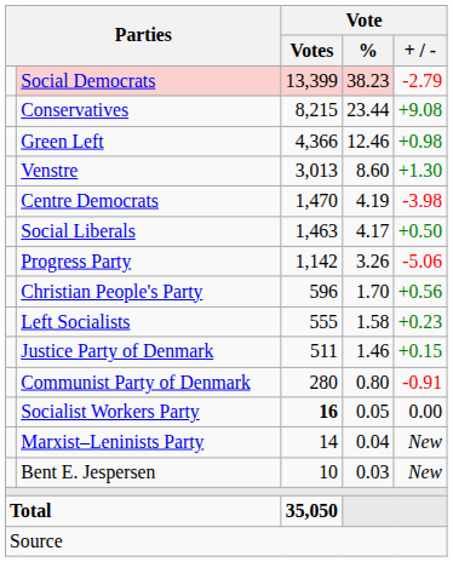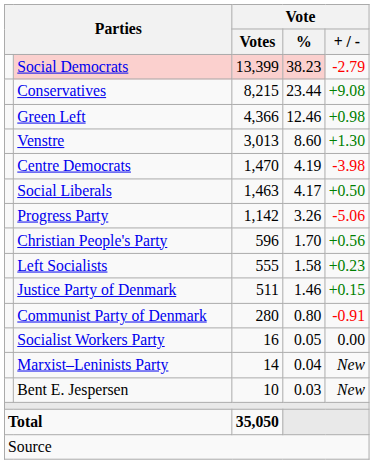 <table class="wikitable" style="text-align:right;">
 <tr>
 <th style="text-align:centre;" rowspan="2" colspan="2" width="225">Parties</th>
 <th colspan="3">Vote</th>
 </tr>
 <tr>
 <th width="15">Votes</th>
 <th width="15">%</th>
 <th width="15">+ / -</th>
 </tr>
 <tr>
 <td width="2" style="color:inherit;background:"></td>
 <td bgcolor=#fbd0ce  align="left"><a href='#'>Social Democrats</a></td>
 <td bgcolor=#fbd0ce>13,399</td>
 <td bgcolor=#fbd0ce>38.23</td>
 <td style=color:red;>-2.79</td>
 </tr>
 <tr>
 <td width="2" style="color:inherit;background:"></td>
 <td align="left"><a href='#'>Conservatives</a></td>
 <td>8,215</td>
 <td>23.44</td>
 <td style=color:green;>+9.08</td>
 </tr>
 <tr>
 <td width="2" style="color:inherit;background:"></td>
 <td align="left"><a href='#'>Green Left</a></td>
 <td>4,366</td>
 <td>12.46</td>
 <td style=color:green;>+0.98</td>
 </tr>
 <tr>
 <td width="2" style="color:inherit;background:"></td>
 <td align="left"><a href='#'>Venstre</a></td>
 <td>3,013</td>
 <td>8.60</td>
 <td style=color:green;>+1.30</td>
 </tr>
 <tr>
 <td width="2" style="color:inherit;background:"></td>
 <td align="left"><a href='#'>Centre Democrats</a></td>
 <td>1,470</td>
 <td>4.19</td>
 <td style=color:red;>-3.98</td>
 </tr>
 <tr>
 <td width="2" style="color:inherit;background:"></td>
 <td align="left"><a href='#'>Social Liberals</a></td>
 <td>1,463</td>
 <td>4.17</td>
 <td style=color:green;>+0.50</td>
 </tr>
 <tr>
 <td width="2" style="color:inherit;background:"></td>
 <td align="left"><a href='#'>Progress Party</a></td>
 <td>1,142</td>
 <td>3.26</td>
 <td style=color:red;>-5.06</td>
 </tr>
 <tr>
 <td width="2" style="color:inherit;background:"></td>
 <td align="left"><a href='#'>Christian People's Party</a></td>
 <td>596</td>
 <td>1.70</td>
 <td style=color:green;>+0.56</td>
 </tr>
 <tr>
 <td width="2" style="color:inherit;background:"></td>
 <td align="left"><a href='#'>Left Socialists</a></td>
 <td>555</td>
 <td>1.58</td>
 <td style=color:green;>+0.23</td>
 </tr>
 <tr>
 <td width="2" style="color:inherit;background:"></td>
 <td align="left"><a href='#'>Justice Party of Denmark</a></td>
 <td>511</td>
 <td>1.46</td>
 <td style=color:green;>+0.15</td>
 </tr>
 <tr>
 <td width="2" style="color:inherit;background:"></td>
 <td align="left"><a href='#'>Communist Party of Denmark</a></td>
 <td>280</td>
 <td>0.80</td>
 <td style=color:red;>-0.91</td>
 </tr>
 <tr>
 <td width="2" style="color:inherit;background:"></td>
 <td align="left"><a href='#'>Socialist Workers Party</a></td>
-<td><strong>16</strong></td>
+<td>16</td>
 <td>0.05</td>
 <td>0.00</td>
 </tr>
 <tr>
 <td width="2" style="color:inherit;background:"></td>
 <td align="left"><a href='#'>Marxist–Leninists Party</a></td>
 <td>14</td>
 <td>0.04</td>
 <td><em>New</em></td>
 </tr>
 <tr>
 <td width="2" style="color:inherit;background:"></td>
 <td align="left">Bent E.  Jespersen</td>
 <td>10</td>
 <td>0.03</td>
 <td><em>New</em></td>
 </tr>
 <tr>
 <td colspan="7" bgcolor="#E9E9E9"></td>
 </tr>
 <tr>
 <td align="left" colspan="2"><strong>Total</strong></td>
 <td><strong>35,050</strong></td>
 <td bgcolor="#E9E9E9" colspan="2"></td>
 </tr>
 <tr>
 <td align="left" colspan="6">Source</td>
 </tr>
 </table>
